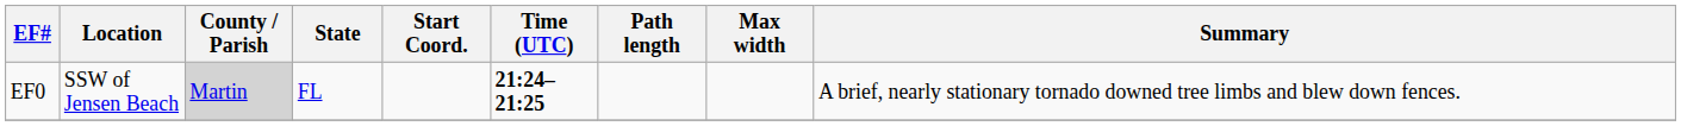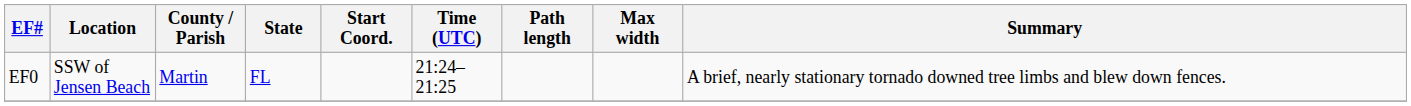 <table class="wikitable sortable" style="width:100%;">
 <tr>
 <th scope="col"  style="width:3%; text-align:center;"><a href='#'>EF#</a></th>
 <th scope="col"  style="width:7%; text-align:center;" class="unsortable">Location</th>
 <th scope="col"  style="width:6%; text-align:center;" class="unsortable">County / Parish</th>
 <th scope="col"  style="width:5%; text-align:center;">State</th>
 <th scope="col"  style="width:6%; text-align:center;">Start Coord.</th>
 <th scope="col"  style="width:6%; text-align:center;">Time (<a href='#'>UTC</a>)</th>
 <th scope="col"  style="width:6%; text-align:center;">Path length</th>
 <th scope="col"  style="width:6%; text-align:center;">Max width</th>
 <th scope="col" class="unsortable" style="width:48%; text-align:center;">Summary</th>
 </tr>
 <tr>
 <td>EF0</td>
 <td>SSW of <a href='#'>Jensen Beach</a></td>
-<td style="background: lightgrey;"><a href='#'>Martin</a></td>
+<td><a href='#'>Martin</a></td>
 <td><a href='#'>FL</a></td>
 <td></td>
-<td><strong>21:24–21:25</strong></td>
+<td>21:24–21:25</td>
 <td></td>
 <td></td>
 <td>A brief, nearly stationary tornado downed tree limbs and blew down fences.</td>
 </tr>
 <tr>
 </tr>
 </table>
